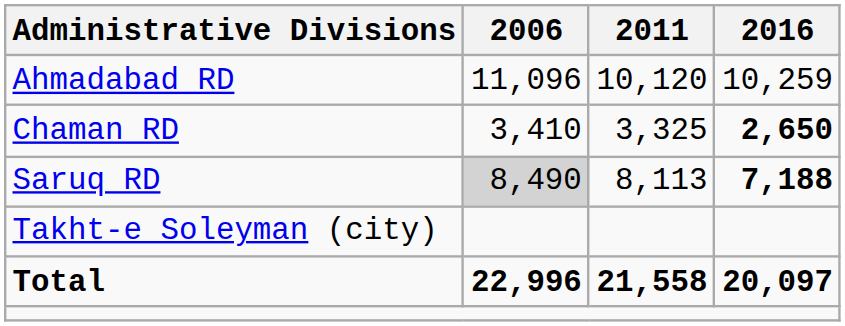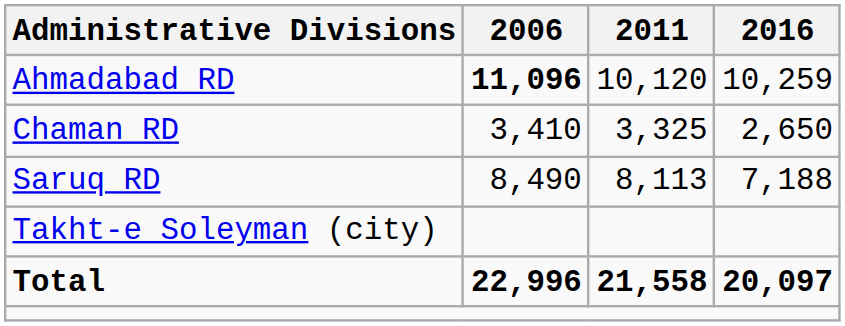 <table class="wikitable">
 <tr>
 <th>Administrative Divisions</th>
 <th>2006</th>
 <th>2011</th>
 <th>2016</th>
 </tr>
 <tr>
 <td><a href='#'>Ahmadabad RD</a></td>
-<td style="text-align: right;">11,096</td>
+<td style="text-align: right;"><strong>11,096</strong></td>
 <td style="text-align: right;">10,120</td>
 <td style="text-align: right;">10,259</td>
 </tr>
 <tr>
 <td><a href='#'>Chaman RD</a></td>
 <td style="text-align: right;">3,410</td>
 <td style="text-align: right;">3,325</td>
-<td style="text-align: right;"><strong>2,650</strong></td>
+<td style="text-align: right;">2,650</td>
 </tr>
 <tr>
 <td><a href='#'>Saruq RD</a></td>
-<td style="background: lightgrey; text-align: right;">8,490</td>
+<td style="text-align: right;">8,490</td>
 <td style="text-align: right;">8,113</td>
-<td style="text-align: right;"><strong>7,188</strong></td>
+<td style="text-align: right;">7,188</td>
 </tr>
 <tr>
 <td><a href='#'>Takht-e Soleyman</a> (city)</td>
 <td style="text-align: right;"></td>
 <td style="text-align: right;"></td>
 <td style="text-align: right;"></td>
 </tr>
 <tr>
 <td><strong>Total</strong></td>
 <td style="text-align: right;"><strong>22,996</strong></td>
 <td style="text-align: right;"><strong>21,558</strong></td>
 <td style="text-align: right;"><strong>20,097</strong></td>
 </tr>
 <tr>
 <td colspan=4></td>
 </tr>
 </table>
